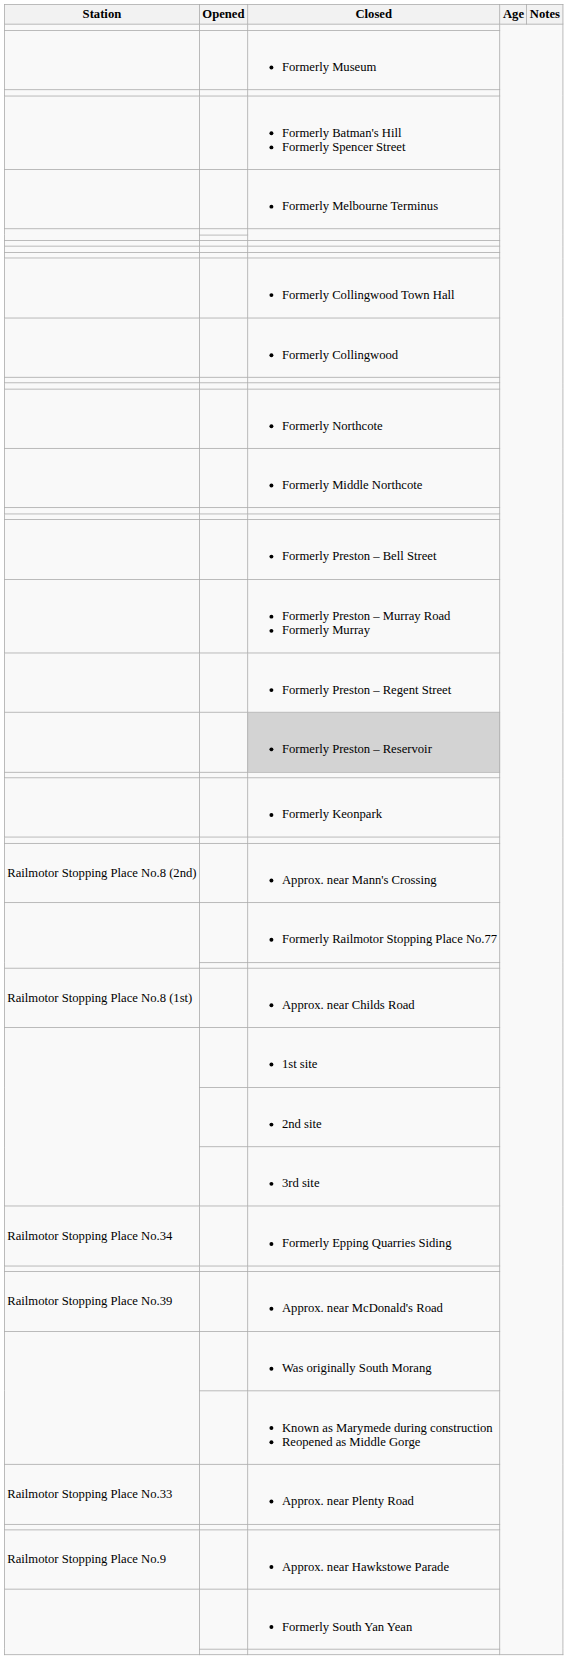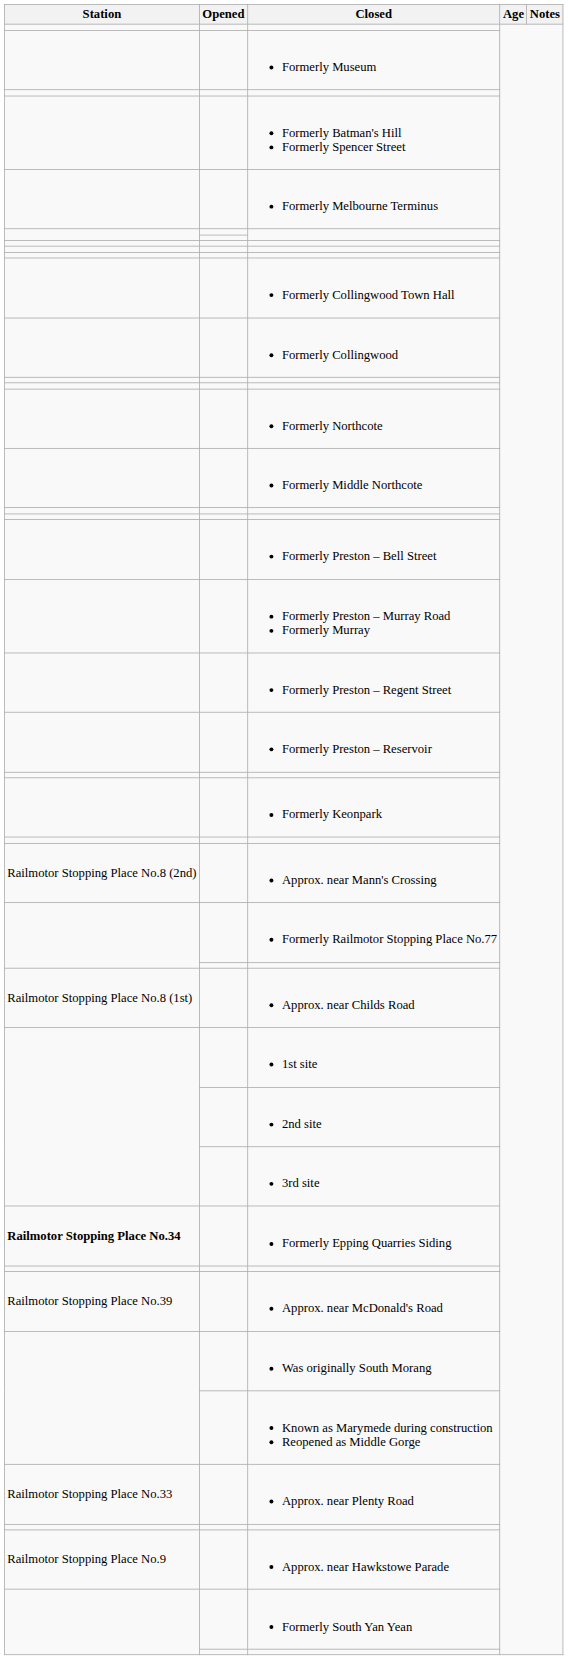 <table class="wikitable sortable mw-collapsible mw-collapsed">
 <tr>
 <th>Station</th>
 <th>Opened</th>
 <th>Closed</th>
 <th>Age</th>
 <th scope=col class=unsortable>Notes</th>
 </tr>
 <tr>
 <td></td>
 <td></td>
 <td></td>
 </tr>
 <tr>
 <td></td>
 <td></td>
 <td><br><ul><li>Formerly Museum</li></ul></td>
 </tr>
 <tr>
 <td></td>
 <td></td>
 <td></td>
 </tr>
 <tr>
 <td></td>
 <td></td>
 <td><br><ul><li>Formerly Batman's Hill</li><li>Formerly Spencer Street</li></ul></td>
 </tr>
 <tr>
 <td></td>
 <td></td>
 <td><br><ul><li>Formerly Melbourne Terminus</li></ul></td>
 </tr>
 <tr>
 <td rowspan="2"></td>
 <td></td>
 <td rowspan="2"></td>
 </tr>
 <tr>
 <td></td>
 </tr>
 <tr>
 <td></td>
 <td></td>
 <td></td>
 </tr>
 <tr>
 <td></td>
 <td></td>
 <td></td>
 </tr>
 <tr>
 <td></td>
 <td></td>
 <td></td>
 </tr>
 <tr>
 <td></td>
 <td></td>
 <td><br><ul><li>Formerly Collingwood Town Hall</li></ul></td>
 </tr>
 <tr>
 <td></td>
 <td></td>
 <td><br><ul><li>Formerly Collingwood</li></ul></td>
 </tr>
 <tr>
 <td></td>
 <td></td>
 <td></td>
 </tr>
 <tr>
 <td></td>
 <td></td>
 <td></td>
 </tr>
 <tr>
 <td></td>
 <td></td>
 <td><br><ul><li>Formerly Northcote</li></ul></td>
 </tr>
 <tr>
 <td></td>
 <td></td>
 <td><br><ul><li>Formerly Middle Northcote</li></ul></td>
 </tr>
 <tr>
 <td></td>
 <td></td>
 <td></td>
 </tr>
 <tr>
 <td></td>
 <td></td>
 <td></td>
 </tr>
 <tr>
 <td></td>
 <td></td>
 <td><br><ul><li>Formerly Preston – Bell Street</li></ul></td>
 </tr>
 <tr>
 <td></td>
 <td></td>
 <td><br><ul><li>Formerly Preston – Murray Road</li><li>Formerly Murray</li></ul></td>
 </tr>
 <tr>
 <td></td>
 <td></td>
 <td><br><ul><li>Formerly Preston – Regent Street</li></ul></td>
 </tr>
 <tr>
 <td></td>
 <td></td>
-<td style="background: lightgrey;"><br><ul><li>Formerly Preston – Reservoir</li></ul></td>
+<td><br><ul><li>Formerly Preston – Reservoir</li></ul></td>
 </tr>
 <tr>
 <td></td>
 <td></td>
 <td></td>
 </tr>
 <tr>
 <td></td>
 <td></td>
 <td><br><ul><li>Formerly Keonpark</li></ul></td>
 </tr>
 <tr>
 <td></td>
 <td></td>
 <td></td>
 </tr>
 <tr>
 <td>Railmotor Stopping Place No.8 (2nd)</td>
 <td></td>
 <td><br><ul><li>Approx. near Mann's Crossing</li></ul></td>
 </tr>
 <tr>
 <td rowspan="2"></td>
 <td></td>
 <td><br><ul><li>Formerly Railmotor Stopping Place No.77</li></ul></td>
 </tr>
 <tr>
 <td></td>
 <td></td>
 </tr>
 <tr>
 <td>Railmotor Stopping Place No.8 (1st)</td>
 <td></td>
 <td><br><ul><li>Approx. near Childs Road</li></ul></td>
 </tr>
 <tr>
 <td rowspan="3"></td>
 <td></td>
 <td><br><ul><li>1st site</li></ul></td>
 </tr>
 <tr>
 <td></td>
 <td><br><ul><li>2nd site</li></ul></td>
 </tr>
 <tr>
 <td></td>
 <td><br><ul><li>3rd site</li></ul></td>
 </tr>
 <tr>
-<td>Railmotor Stopping Place No.34</td>
+<td><strong>Railmotor Stopping Place No.34</strong></td>
 <td></td>
 <td><br><ul><li>Formerly Epping Quarries Siding</li></ul></td>
 </tr>
 <tr>
 <td></td>
 <td></td>
 <td></td>
 </tr>
 <tr>
 <td>Railmotor Stopping Place No.39</td>
 <td></td>
 <td><br><ul><li>Approx. near McDonald's Road</li></ul></td>
 </tr>
 <tr>
 <td rowspan="2"></td>
 <td></td>
 <td><br><ul><li>Was originally South Morang</li></ul></td>
 </tr>
 <tr>
 <td></td>
 <td><br><ul><li>Known as Marymede during construction</li><li>Reopened as Middle Gorge</li></ul></td>
 </tr>
 <tr>
 <td>Railmotor Stopping Place No.33</td>
 <td></td>
 <td><br><ul><li>Approx. near Plenty Road</li></ul></td>
 </tr>
 <tr>
 <td></td>
 <td></td>
 <td></td>
 </tr>
 <tr>
 <td>Railmotor Stopping Place No.9</td>
 <td></td>
 <td><br><ul><li>Approx. near Hawkstowe Parade</li></ul></td>
 </tr>
 <tr>
 <td rowspan="2"></td>
 <td></td>
 <td><br><ul><li>Formerly South Yan Yean</li></ul></td>
 </tr>
 <tr>
 <td></td>
 <td></td>
 </tr>
 </table>
